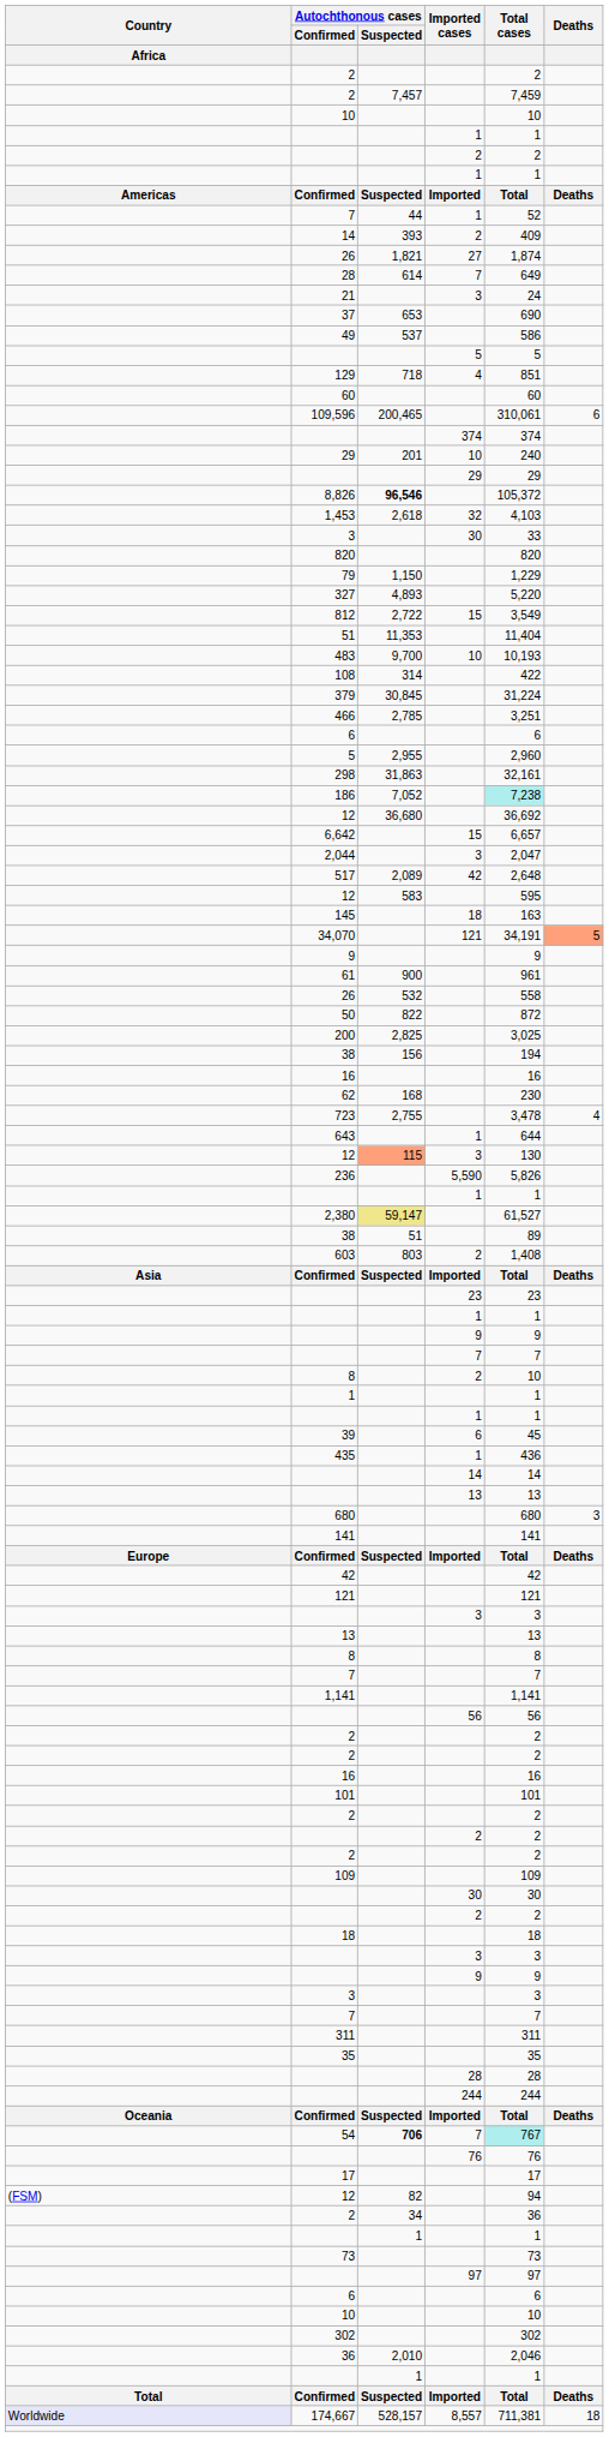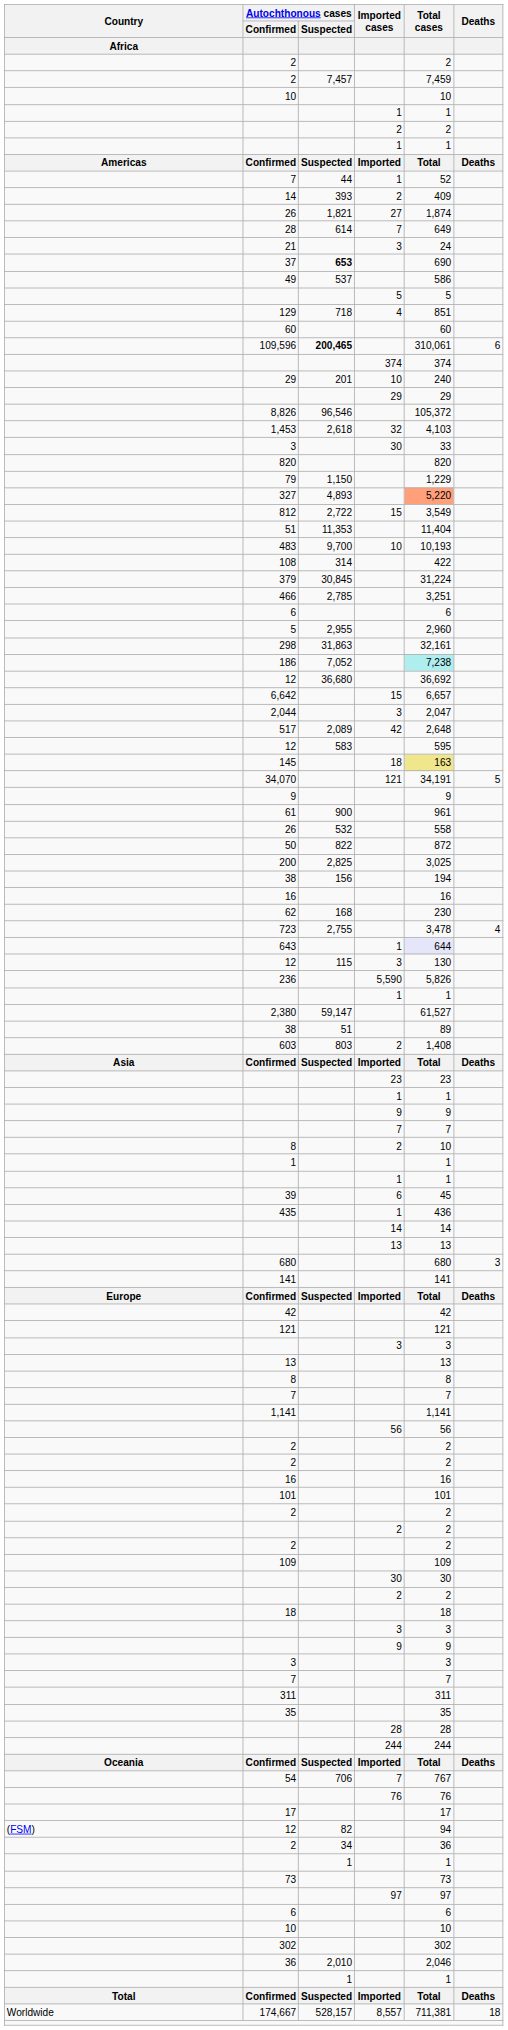 <table class="wikitable sortable floatright collapsible collapsed" style="text-align: right; width: 50%; font-size: 80%;">
 <tr>
 <th rowspan=2 style="width: 50%">Country</th>
 <th colspan=2 style="width: 20%"><a href='#'>Autochthonous</a> cases</th>
 <th rowspan=2 style="width: 10%" data-sort-type="number">Imported cases</th>
 <th rowspan=2 style="width: 10%" data-sort-type="number">Total cases</th>
 <th rowspan=2 style="width: 10%" data-sort-type="number">Deaths</th>
 </tr>
 <tr>
 <th data-sort-type="number">Confirmed</th>
 <th data-sort-type="number">Suspected</th>
 </tr>
 <tr>
 <th>Africa</th>
 <th></th>
 <th></th>
 <th></th>
 <th></th>
 <th></th>
 </tr>
 <tr>
 <td style="text-align: left;"></td>
 <td>2</td>
 <td></td>
 <td></td>
 <td>2</td>
 <td></td>
 </tr>
 <tr>
 <td style="text-align: left;"></td>
 <td>2</td>
 <td>7,457</td>
 <td></td>
 <td>7,459</td>
 <td></td>
 </tr>
 <tr>
 <td style="text-align: left;"></td>
 <td>10</td>
 <td></td>
 <td></td>
 <td>10</td>
 <td></td>
 </tr>
 <tr>
 <td style="text-align: left;"></td>
 <td></td>
 <td></td>
 <td>1</td>
 <td>1</td>
 <td></td>
 </tr>
 <tr>
 <td style="text-align: left;"></td>
 <td></td>
 <td></td>
 <td>2</td>
 <td>2</td>
 <td></td>
 </tr>
 <tr>
 <td style="text-align: left;"></td>
 <td></td>
 <td></td>
 <td>1</td>
 <td>1</td>
 <td></td>
 </tr>
 <tr>
 <th>Americas</th>
 <th>Confirmed</th>
 <th>Suspected</th>
 <th>Imported</th>
 <th>Total</th>
 <th>Deaths</th>
 </tr>
 <tr>
 <td style="text-align: left;"></td>
 <td>7</td>
 <td>44</td>
 <td>1</td>
 <td>52</td>
 <td></td>
 </tr>
 <tr>
 <td style="text-align: left;"></td>
 <td>14</td>
 <td>393</td>
 <td>2</td>
 <td>409</td>
 <td></td>
 </tr>
 <tr>
 <td style="text-align: left;"></td>
 <td>26</td>
 <td>1,821</td>
 <td>27</td>
 <td>1,874</td>
 <td></td>
 </tr>
 <tr>
 <td style="text-align: left;"></td>
 <td>28</td>
 <td>614</td>
 <td>7</td>
 <td>649</td>
 <td></td>
 </tr>
 <tr>
 <td style="text-align: left;"></td>
 <td>21</td>
 <td></td>
 <td>3</td>
 <td>24</td>
 <td></td>
 </tr>
 <tr>
 <td style="text-align: left;"></td>
 <td>37</td>
-<td>653</td>
+<td><strong>653</strong></td>
 <td></td>
 <td>690</td>
 <td></td>
 </tr>
 <tr>
 <td style="text-align: left;"></td>
 <td>49</td>
 <td>537</td>
 <td></td>
 <td>586</td>
 <td></td>
 </tr>
 <tr>
 <td style="text-align: left;"></td>
 <td></td>
 <td></td>
 <td>5</td>
 <td>5</td>
 <td></td>
 </tr>
 <tr>
 <td style="text-align: left;"></td>
 <td>129</td>
 <td>718</td>
 <td>4</td>
 <td>851</td>
 <td></td>
 </tr>
 <tr>
 <td style="text-align: left;"></td>
 <td>60</td>
 <td></td>
 <td></td>
 <td>60</td>
 <td></td>
 </tr>
 <tr>
 <td style="text-align: left;"></td>
 <td>109,596</td>
-<td>200,465</td>
+<td><strong>200,465</strong></td>
 <td></td>
 <td>310,061</td>
 <td>6</td>
 </tr>
 <tr>
 <td style="text-align: left;"></td>
 <td></td>
 <td></td>
 <td>374</td>
 <td>374</td>
 <td></td>
 </tr>
 <tr>
 <td style="text-align: left;"></td>
 <td>29</td>
 <td>201</td>
 <td>10</td>
 <td>240</td>
 <td></td>
 </tr>
 <tr>
 <td style="text-align: left;"></td>
 <td></td>
 <td></td>
 <td>29</td>
 <td>29</td>
 <td></td>
 </tr>
 <tr>
 <td style="text-align: left;"></td>
 <td>8,826</td>
-<td><strong>96,546</strong></td>
+<td>96,546</td>
 <td></td>
 <td>105,372</td>
 <td></td>
 </tr>
 <tr>
 <td style="text-align: left;"></td>
 <td>1,453</td>
 <td>2,618</td>
 <td>32</td>
 <td>4,103</td>
 <td></td>
 </tr>
 <tr>
 <td style="text-align: left;"></td>
 <td>3</td>
 <td></td>
 <td>30</td>
 <td>33</td>
 <td></td>
 </tr>
 <tr>
 <td style="text-align: left;"></td>
 <td>820</td>
 <td></td>
 <td></td>
 <td>820</td>
 <td></td>
 </tr>
 <tr>
 <td style="text-align: left;"></td>
 <td>79</td>
 <td>1,150</td>
 <td></td>
 <td>1,229</td>
 <td></td>
 </tr>
 <tr>
 <td style="text-align: left;"></td>
 <td>327</td>
 <td>4,893</td>
 <td></td>
-<td>5,220</td>
+<td style="background: lightsalmon;">5,220</td>
 <td></td>
 </tr>
 <tr>
 <td style="text-align: left;"></td>
 <td>812</td>
 <td>2,722</td>
 <td>15</td>
 <td>3,549</td>
 <td></td>
 </tr>
 <tr>
 <td style="text-align: left;"></td>
 <td>51</td>
 <td>11,353</td>
 <td></td>
 <td>11,404</td>
 <td></td>
 </tr>
 <tr>
 <td style="text-align: left;"></td>
 <td>483</td>
 <td>9,700</td>
 <td>10</td>
 <td>10,193</td>
 <td></td>
 </tr>
 <tr>
 <td style="text-align: left;"></td>
 <td>108</td>
 <td>314</td>
 <td></td>
 <td>422</td>
 <td></td>
 </tr>
 <tr>
 <td style="text-align: left;"></td>
 <td>379</td>
 <td>30,845</td>
 <td></td>
 <td>31,224</td>
 <td></td>
 </tr>
 <tr>
 <td style="text-align: left;"></td>
 <td>466</td>
 <td>2,785</td>
 <td></td>
 <td>3,251</td>
 <td></td>
 </tr>
 <tr>
 <td style="text-align: left;"></td>
 <td>6</td>
 <td></td>
 <td></td>
 <td>6</td>
 <td></td>
 </tr>
 <tr>
 <td style="text-align: left;"></td>
 <td>5</td>
 <td>2,955</td>
 <td></td>
 <td>2,960</td>
 <td></td>
 </tr>
 <tr>
 <td style="text-align: left;"></td>
 <td>298</td>
 <td>31,863</td>
 <td></td>
 <td>32,161</td>
 <td></td>
 </tr>
 <tr>
 <td style="text-align: left;"></td>
 <td>186</td>
 <td>7,052</td>
 <td></td>
 <td style="background: paleturquoise;">7,238</td>
 <td></td>
 </tr>
 <tr>
 <td style="text-align: left;"></td>
 <td>12</td>
 <td>36,680</td>
 <td></td>
 <td>36,692</td>
 <td></td>
 </tr>
 <tr>
 <td style="text-align: left;"></td>
 <td>6,642</td>
 <td></td>
 <td>15</td>
 <td>6,657</td>
 <td></td>
 </tr>
 <tr>
 <td style="text-align: left;"></td>
 <td>2,044</td>
 <td></td>
 <td>3</td>
 <td>2,047</td>
 <td></td>
 </tr>
 <tr>
 <td style="text-align: left;"></td>
 <td>517</td>
 <td>2,089</td>
 <td>42</td>
 <td>2,648</td>
 <td></td>
 </tr>
 <tr>
 <td style="text-align: left;"></td>
 <td>12</td>
 <td>583</td>
 <td></td>
 <td>595</td>
 <td></td>
 </tr>
 <tr>
 <td style="text-align: left;"></td>
 <td>145</td>
 <td></td>
 <td>18</td>
-<td>163</td>
+<td style="background: khaki;">163</td>
 <td></td>
 </tr>
 <tr>
 <td style="text-align: left;"></td>
 <td>34,070</td>
 <td></td>
 <td>121</td>
 <td>34,191</td>
-<td style="background: lightsalmon;">5</td>
+<td>5</td>
 </tr>
 <tr>
 <td style="text-align: left;"></td>
 <td>9</td>
 <td></td>
 <td></td>
 <td>9</td>
 <td></td>
 </tr>
 <tr>
 <td style="text-align: left;"></td>
 <td>61</td>
 <td>900</td>
 <td></td>
 <td>961</td>
 <td></td>
 </tr>
 <tr>
 <td style="text-align: left;"></td>
 <td>26</td>
 <td>532</td>
 <td></td>
 <td>558</td>
 <td></td>
 </tr>
 <tr>
 <td style="text-align: left;"></td>
 <td>50</td>
 <td>822</td>
 <td></td>
 <td>872</td>
 <td></td>
 </tr>
 <tr>
 <td style="text-align: left;"></td>
 <td>200</td>
 <td>2,825</td>
 <td></td>
 <td>3,025</td>
 <td></td>
 </tr>
 <tr>
 <td style="text-align: left;"></td>
 <td>38</td>
 <td>156</td>
 <td></td>
 <td>194</td>
 <td></td>
 </tr>
 <tr>
 <td style="text-align: left;"></td>
 <td>16</td>
 <td></td>
 <td></td>
 <td>16</td>
 <td></td>
 </tr>
 <tr>
 <td style="text-align: left;"></td>
 <td>62</td>
 <td>168</td>
 <td></td>
 <td>230</td>
 <td></td>
 </tr>
 <tr>
 <td style="text-align: left;"></td>
 <td>723</td>
 <td>2,755</td>
 <td></td>
 <td>3,478</td>
 <td>4</td>
 </tr>
 <tr>
 <td style="text-align: left;"></td>
 <td>643</td>
 <td></td>
 <td>1</td>
-<td>644</td>
+<td style="background: lavender;">644</td>
 <td></td>
 </tr>
 <tr>
 <td style="text-align: left;"></td>
 <td>12</td>
-<td style="background: lightsalmon;">115</td>
+<td>115</td>
 <td>3</td>
 <td>130</td>
 <td></td>
 </tr>
 <tr>
 <td style="text-align: left;"></td>
 <td>236</td>
 <td></td>
 <td>5,590</td>
 <td>5,826</td>
 <td></td>
 </tr>
 <tr>
 <td style="text-align: left;"></td>
 <td></td>
 <td></td>
 <td>1</td>
 <td>1</td>
 <td></td>
 </tr>
 <tr>
 <td style="text-align: left;"></td>
 <td>2,380</td>
-<td style="background: khaki;">59,147</td>
+<td>59,147</td>
 <td></td>
 <td>61,527</td>
 <td></td>
 </tr>
 <tr>
 <td style="text-align: left;"></td>
 <td>38</td>
 <td>51</td>
 <td></td>
 <td>89</td>
 <td></td>
 </tr>
 <tr>
 <td style="text-align: left;"></td>
 <td>603</td>
 <td>803</td>
 <td>2</td>
 <td>1,408</td>
 <td></td>
 </tr>
 <tr>
 <th>Asia</th>
 <th>Confirmed</th>
 <th>Suspected</th>
 <th>Imported</th>
 <th>Total</th>
 <th>Deaths</th>
 </tr>
 <tr>
 <td style="text-align: left;"></td>
 <td></td>
 <td></td>
 <td>23</td>
 <td>23</td>
 <td></td>
 </tr>
 <tr>
 <td style="text-align: left;"></td>
 <td></td>
 <td></td>
 <td>1</td>
 <td>1</td>
 <td></td>
 </tr>
 <tr>
 <td style="text-align: left;"></td>
 <td></td>
 <td></td>
 <td>9</td>
 <td>9</td>
 <td></td>
 </tr>
 <tr>
 <td style="text-align: left;"></td>
 <td></td>
 <td></td>
 <td>7</td>
 <td>7</td>
 <td></td>
 </tr>
 <tr>
 <td style="text-align: left;"></td>
 <td>8</td>
 <td></td>
 <td>2</td>
 <td>10</td>
 <td></td>
 </tr>
 <tr>
 <td style="text-align: left;"></td>
 <td>1</td>
 <td></td>
 <td></td>
 <td>1</td>
 <td></td>
 </tr>
 <tr>
 <td style="text-align: left;"></td>
 <td></td>
 <td></td>
 <td>1</td>
 <td>1</td>
 <td></td>
 </tr>
 <tr>
 <td style="text-align: left;"></td>
 <td>39</td>
 <td></td>
 <td>6</td>
 <td>45</td>
 <td></td>
 </tr>
 <tr>
 <td style="text-align: left;"></td>
 <td>435</td>
 <td></td>
 <td>1</td>
 <td>436</td>
 <td></td>
 </tr>
 <tr>
 <td style="text-align: left;"></td>
 <td></td>
 <td></td>
 <td>14</td>
 <td>14</td>
 <td></td>
 </tr>
 <tr>
 <td style="text-align: left;"></td>
 <td></td>
 <td></td>
 <td>13</td>
 <td>13</td>
 <td></td>
 </tr>
 <tr>
 <td style="text-align: left;"></td>
 <td>680</td>
 <td></td>
 <td></td>
 <td>680</td>
 <td>3</td>
 </tr>
 <tr>
 <td style="text-align: left;"></td>
 <td>141</td>
 <td></td>
 <td></td>
 <td>141</td>
 <td></td>
 </tr>
 <tr>
 <th>Europe</th>
 <th>Confirmed</th>
 <th>Suspected</th>
 <th>Imported</th>
 <th>Total</th>
 <th>Deaths</th>
 </tr>
 <tr>
 <td style="text-align: left;"></td>
 <td>42</td>
 <td></td>
 <td></td>
 <td>42</td>
 <td></td>
 </tr>
 <tr>
 <td style="text-align: left;"></td>
 <td>121</td>
 <td></td>
 <td></td>
 <td>121</td>
 <td></td>
 </tr>
 <tr>
 <td style="text-align: left;"></td>
 <td></td>
 <td></td>
 <td>3</td>
 <td>3</td>
 <td></td>
 </tr>
 <tr>
 <td style="text-align: left;"></td>
 <td>13</td>
 <td></td>
 <td></td>
 <td>13</td>
 <td></td>
 </tr>
 <tr>
 <td style="text-align: left;"></td>
 <td>8</td>
 <td></td>
 <td></td>
 <td>8</td>
 <td></td>
 </tr>
 <tr>
 <td style="text-align: left;"></td>
 <td>7</td>
 <td></td>
 <td></td>
 <td>7</td>
 <td></td>
 </tr>
 <tr>
 <td style="text-align: left;"></td>
 <td>1,141</td>
 <td></td>
 <td></td>
 <td>1,141</td>
 <td></td>
 </tr>
 <tr>
 <td style="text-align: left;"></td>
 <td></td>
 <td></td>
 <td>56</td>
 <td>56</td>
 <td></td>
 </tr>
 <tr>
 <td style="text-align: left;"></td>
 <td>2</td>
 <td></td>
 <td></td>
 <td>2</td>
 <td></td>
 </tr>
 <tr>
 <td style="text-align: left;"></td>
 <td>2</td>
 <td></td>
 <td></td>
 <td>2</td>
 <td></td>
 </tr>
 <tr>
 <td style="text-align: left;"></td>
 <td>16</td>
 <td></td>
 <td></td>
 <td>16</td>
 <td></td>
 </tr>
 <tr>
 <td style="text-align: left;"></td>
 <td>101</td>
 <td></td>
 <td></td>
 <td>101</td>
 <td></td>
 </tr>
 <tr>
 <td style="text-align: left;"></td>
 <td>2</td>
 <td></td>
 <td></td>
 <td>2</td>
 <td></td>
 </tr>
 <tr>
 <td style="text-align: left;"></td>
 <td></td>
 <td></td>
 <td>2</td>
 <td>2</td>
 <td></td>
 </tr>
 <tr>
 <td style="text-align: left;"></td>
 <td>2</td>
 <td></td>
 <td></td>
 <td>2</td>
 <td></td>
 </tr>
 <tr>
 <td style="text-align: left;"></td>
 <td>109</td>
 <td></td>
 <td></td>
 <td>109</td>
 <td></td>
 </tr>
 <tr>
 <td style="text-align: left;"></td>
 <td></td>
 <td></td>
 <td>30</td>
 <td>30</td>
 <td></td>
 </tr>
 <tr>
 <td style="text-align: left;"></td>
 <td></td>
 <td></td>
 <td>2</td>
 <td>2</td>
 <td></td>
 </tr>
 <tr>
 <td style="text-align: left;"></td>
 <td>18</td>
 <td></td>
 <td></td>
 <td>18</td>
 <td></td>
 </tr>
 <tr>
 <td style="text-align: left;"></td>
 <td></td>
 <td></td>
 <td>3</td>
 <td>3</td>
 <td></td>
 </tr>
 <tr>
 <td style="text-align: left;"></td>
 <td></td>
 <td></td>
 <td>9</td>
 <td>9</td>
 <td></td>
 </tr>
 <tr>
 <td style="text-align: left;"></td>
 <td>3</td>
 <td></td>
 <td></td>
 <td>3</td>
 <td></td>
 </tr>
 <tr>
 <td style="text-align: left;"></td>
 <td>7</td>
 <td></td>
 <td></td>
 <td>7</td>
 <td></td>
 </tr>
 <tr>
 <td style="text-align: left;"></td>
 <td>311</td>
 <td></td>
 <td></td>
 <td>311</td>
 <td></td>
 </tr>
 <tr>
 <td style="text-align: left;"></td>
 <td>35</td>
 <td></td>
 <td></td>
 <td>35</td>
 <td></td>
 </tr>
 <tr>
 <td style="text-align: left;"></td>
 <td></td>
 <td></td>
 <td>28</td>
 <td>28</td>
 <td></td>
 </tr>
 <tr>
 <td style="text-align: left;"></td>
 <td></td>
 <td></td>
 <td>244</td>
 <td>244</td>
 <td></td>
 </tr>
 <tr>
 <th>Oceania</th>
 <th>Confirmed</th>
 <th>Suspected</th>
 <th>Imported</th>
 <th>Total</th>
 <th>Deaths</th>
 </tr>
 <tr>
 <td style="text-align: left;"></td>
 <td>54</td>
-<td><strong>706</strong></td>
+<td>706</td>
 <td>7</td>
-<td style="background: paleturquoise;">767</td>
+<td>767</td>
 <td></td>
 </tr>
 <tr>
 <td style="text-align: left;"></td>
 <td></td>
 <td></td>
 <td>76</td>
 <td>76</td>
 <td></td>
 </tr>
 <tr>
 <td style="text-align: left;"></td>
 <td>17</td>
 <td></td>
 <td></td>
 <td>17</td>
 <td></td>
 </tr>
 <tr>
 <td style="text-align: left;"> (<a href='#'>FSM</a>)</td>
 <td>12</td>
 <td>82</td>
 <td></td>
 <td>94</td>
 <td></td>
 </tr>
 <tr>
 <td style="text-align: left;"></td>
 <td>2</td>
 <td>34</td>
 <td></td>
 <td>36</td>
 <td></td>
 </tr>
 <tr>
 <td style="text-align: left;"></td>
 <td></td>
 <td>1</td>
 <td></td>
 <td>1</td>
 <td></td>
 </tr>
 <tr>
 <td style="text-align: left;"></td>
 <td>73</td>
 <td></td>
 <td></td>
 <td>73</td>
 <td></td>
 </tr>
 <tr>
 <td style="text-align: left;"></td>
 <td></td>
 <td></td>
 <td>97</td>
 <td>97</td>
 <td></td>
 </tr>
 <tr>
 <td style="text-align: left;"></td>
 <td>6</td>
 <td></td>
 <td></td>
 <td>6</td>
 <td></td>
 </tr>
 <tr>
 <td style="text-align: left;"></td>
 <td>10</td>
 <td></td>
 <td></td>
 <td>10</td>
 <td></td>
 </tr>
 <tr>
 <td style="text-align: left;"></td>
 <td>302</td>
 <td></td>
 <td></td>
 <td>302</td>
 <td></td>
 </tr>
 <tr>
 <td style="text-align: left;"></td>
 <td>36</td>
 <td>2,010</td>
 <td></td>
 <td>2,046</td>
 <td></td>
 </tr>
 <tr>
 <td style="text-align: left;"></td>
 <td></td>
 <td>1</td>
 <td></td>
 <td>1</td>
 <td></td>
 </tr>
 <tr>
 <th>Total</th>
 <th>Confirmed</th>
 <th>Suspected</th>
 <th>Imported</th>
 <th>Total</th>
 <th>Deaths</th>
 </tr>
 <tr>
-<td style="background: lavender; text-align: left;">Worldwide</td>
+<td style="text-align: left;">Worldwide</td>
 <td>174,667</td>
 <td>528,157</td>
 <td>8,557</td>
 <td>711,381</td>
 <td>18</td>
 </tr>
 <tr>
 <td colspan=6 style="text-align: left;" ></td>
 </tr>
 </table>
